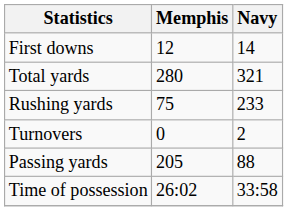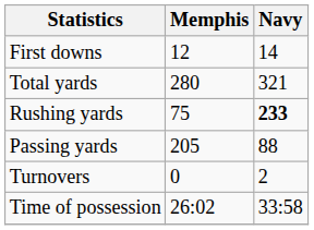 <table class="wikitable">
 <tr>
 <th>Statistics</th>
 <th>Memphis</th>
 <th>Navy</th>
 </tr>
 <tr>
 <td>First downs</td>
 <td>12</td>
 <td>14</td>
 </tr>
 <tr>
 <td>Total yards</td>
 <td>280</td>
 <td>321</td>
 </tr>
 <tr>
 <td>Rushing yards</td>
 <td>75</td>
-<td>233</td>
+<td><strong>233</strong></td>
+</tr>
+<tr>
+<td>Passing yards</td>
+<td>205</td>
+<td>88</td>
 </tr>
 <tr>
 <td>Turnovers</td>
 <td>0</td>
 <td>2</td>
-</tr>
-<tr>
-<td>Passing yards</td>
-<td>205</td>
-<td>88</td>
 </tr>
 <tr>
 <td>Time of possession</td>
 <td>26:02</td>
 <td>33:58</td>
 </tr>
 <tr>
 </tr>
 </table>
